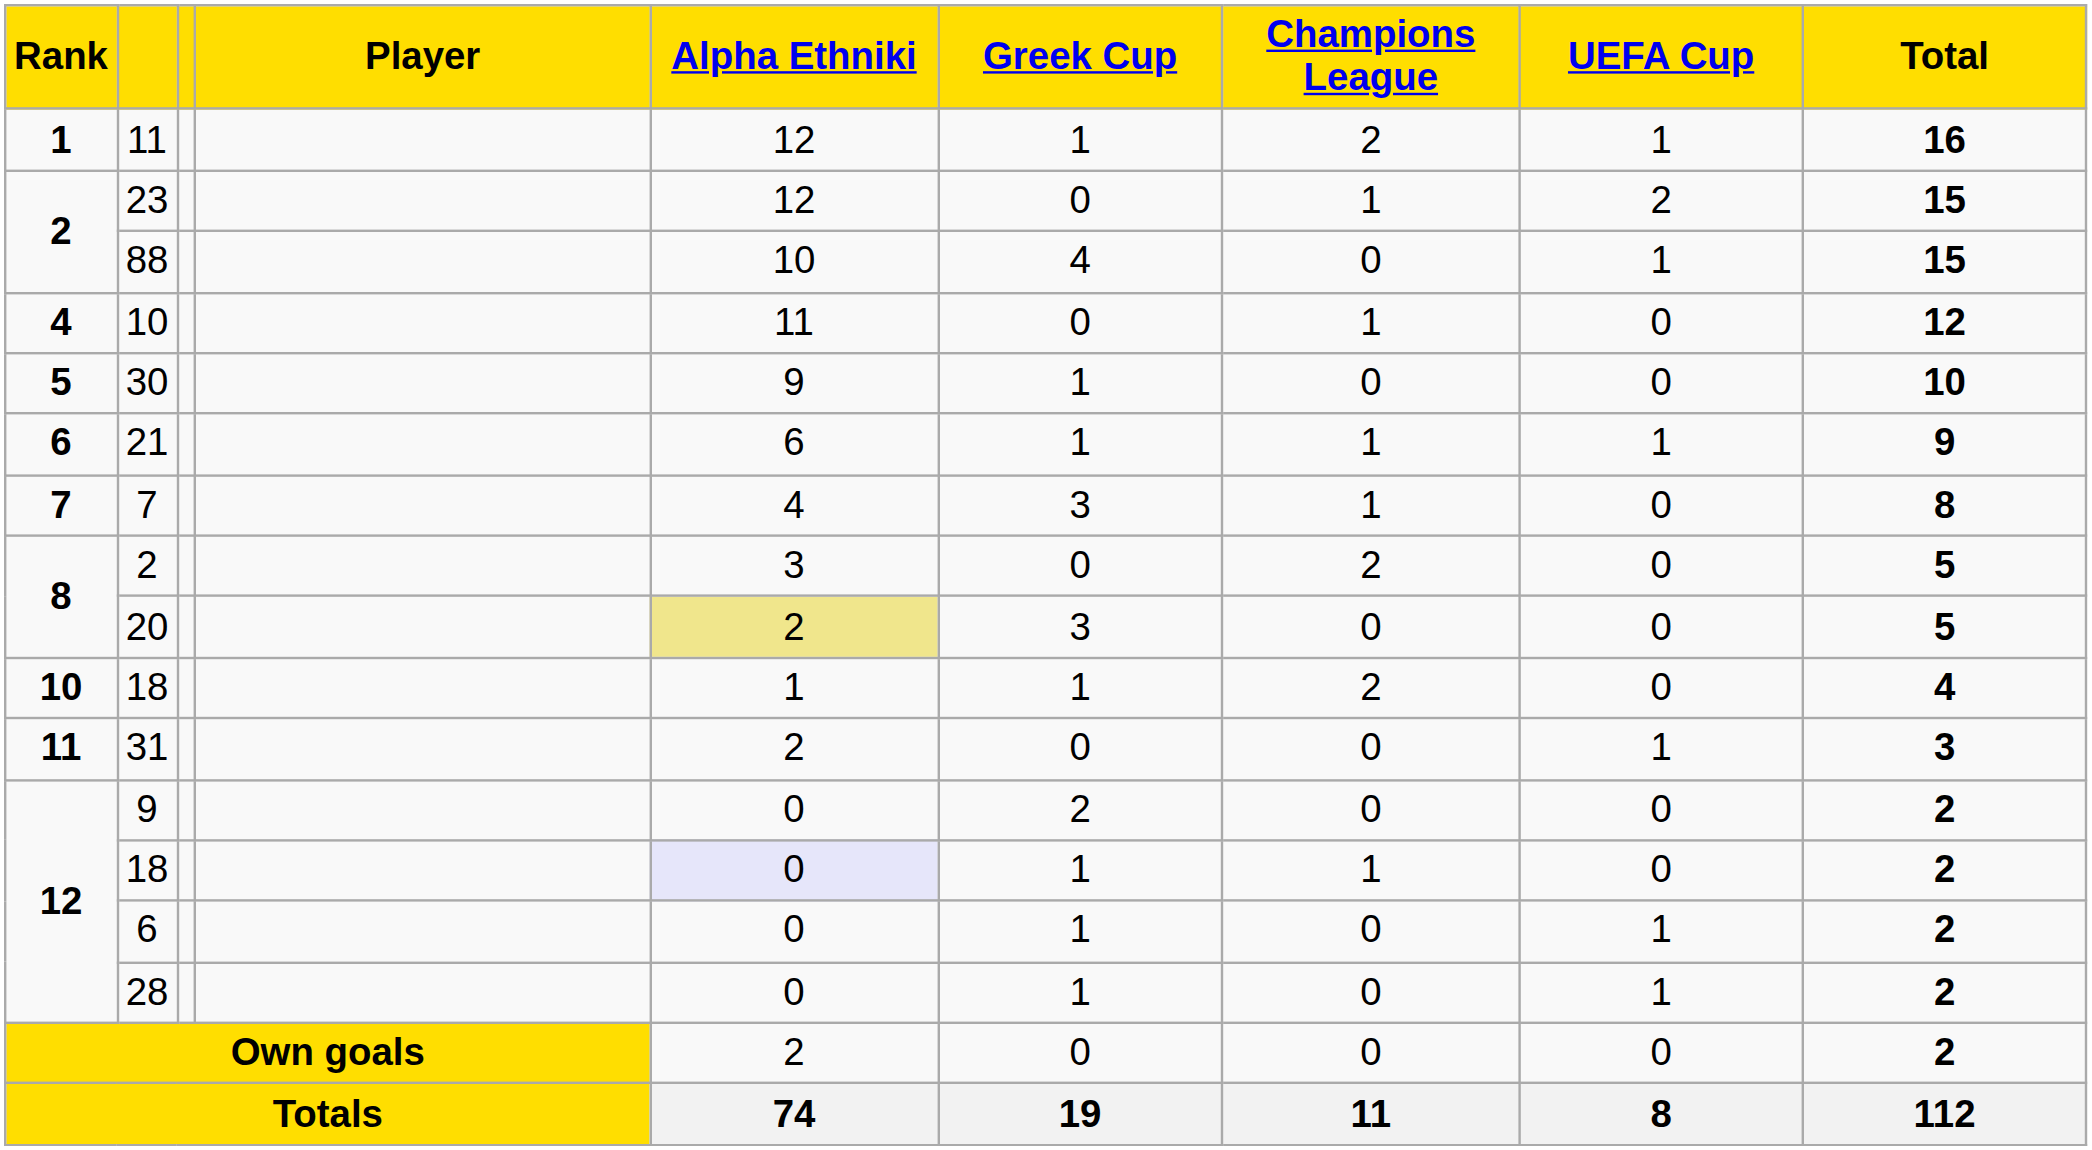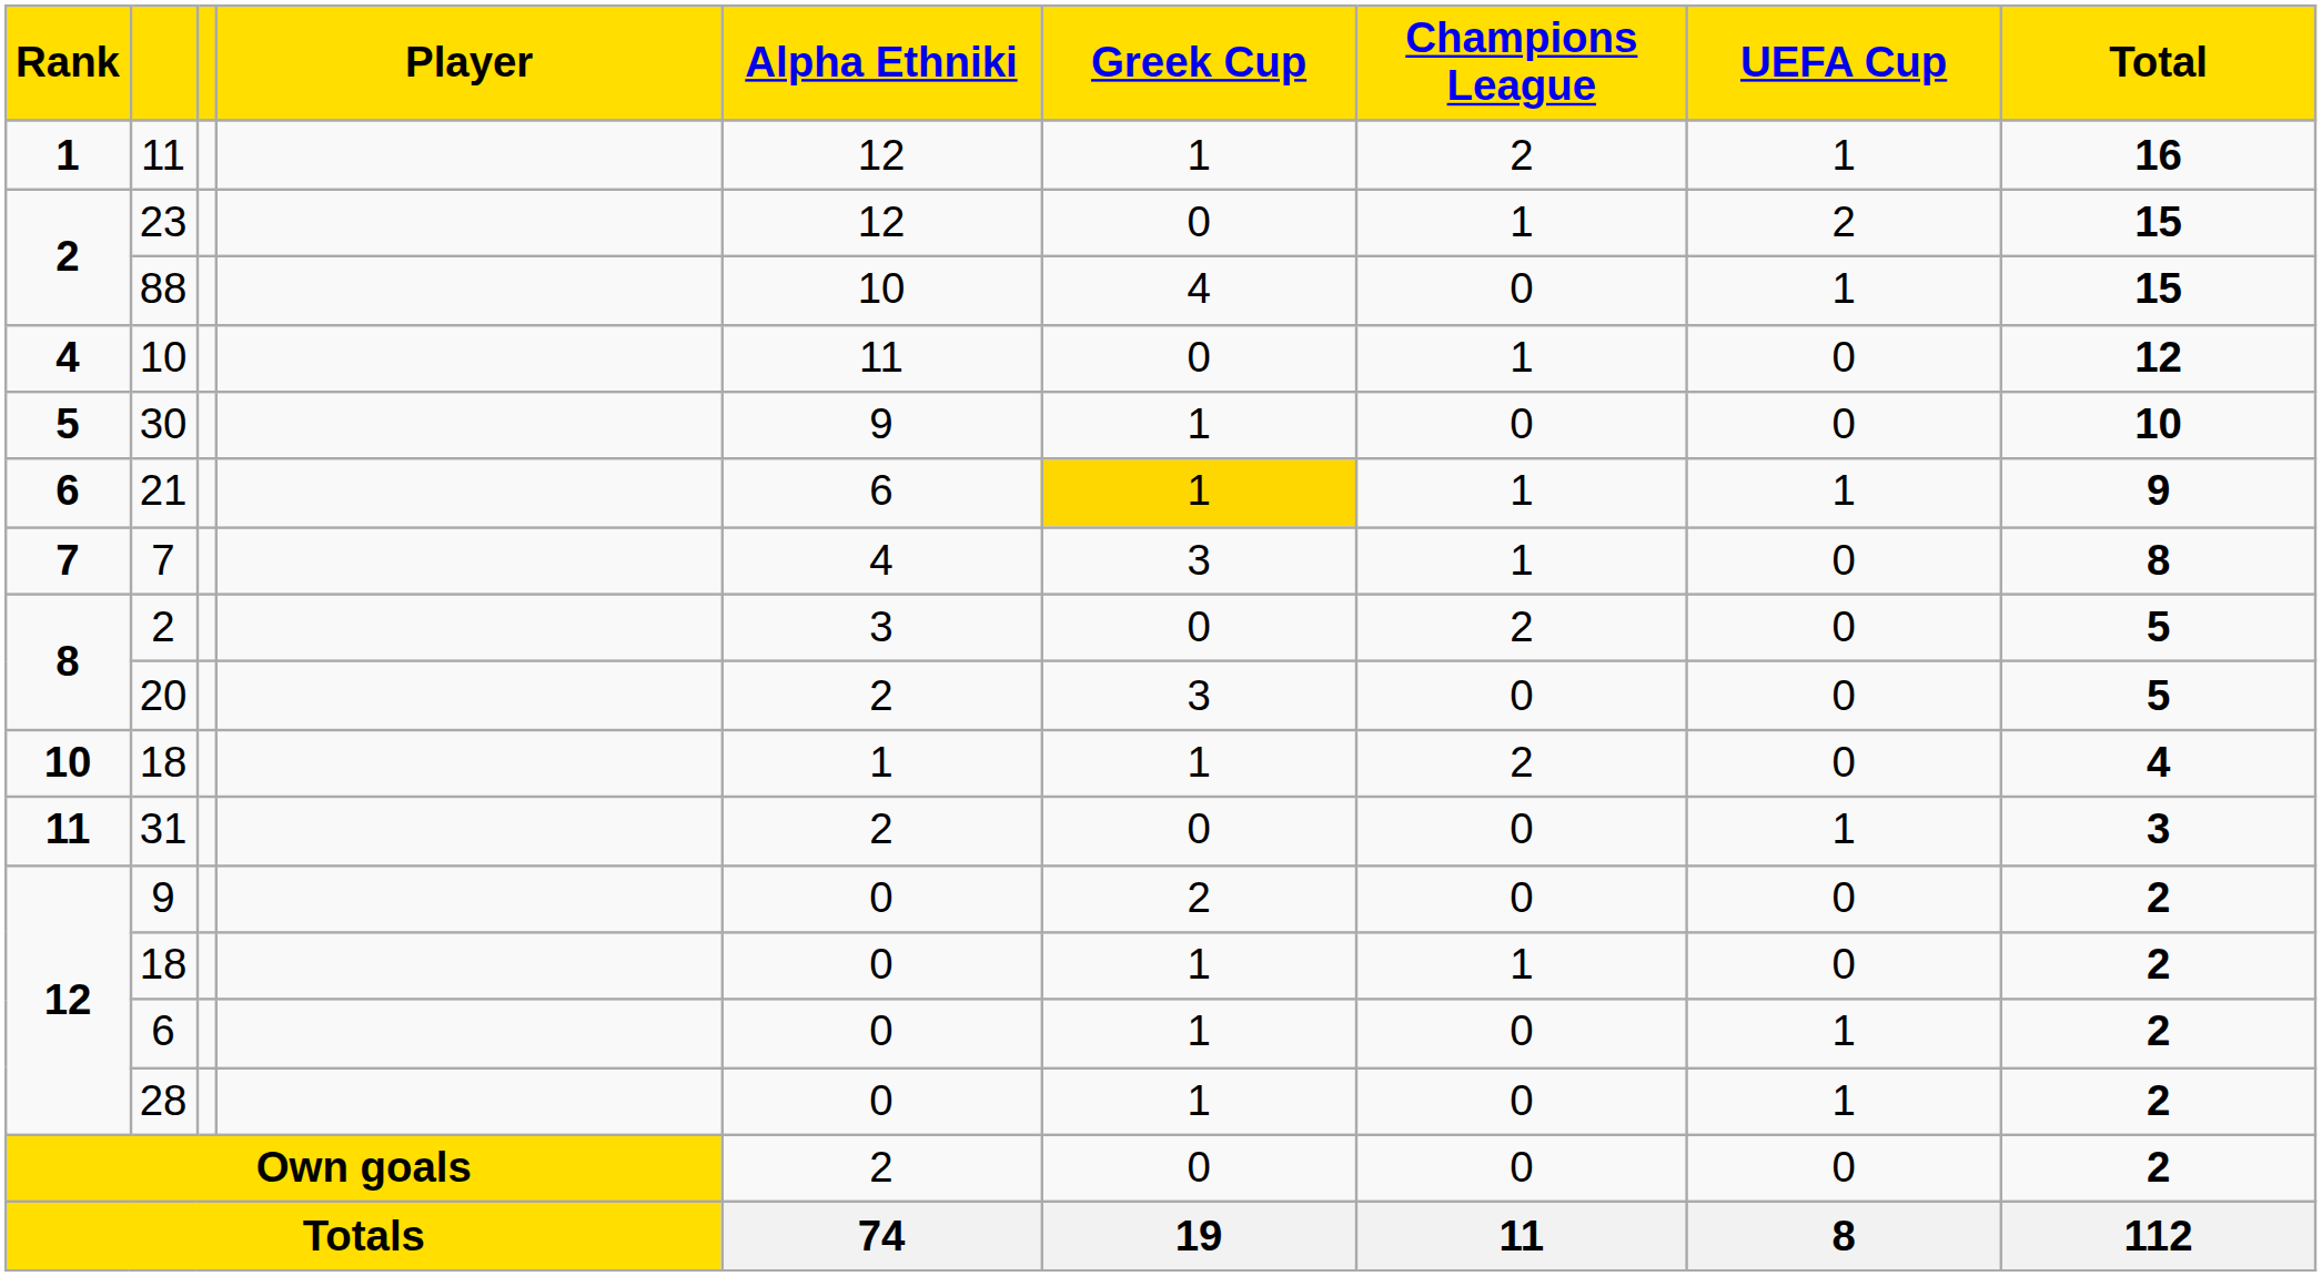 <table class="wikitable sortable" style="text-align: center">
 <tr>
 <th style="background:#FFDE00">Rank</th>
 <th style="background:#FFDE00"></th>
 <th style="background:#FFDE00"></th>
 <th width=200 style="background:#FFDE00">Player</th>
 <th width=120 style="background:#FFDE00"><a href='#'>Alpha Ethniki</a></th>
 <th width=120 style="background:#FFDE00"><a href='#'>Greek Cup</a></th>
 <th width=120 style="background:#FFDE00"><a href='#'>Champions League</a></th>
 <th width=120 style="background:#FFDE00"><a href='#'>UEFA Cup</a></th>
 <th width=120 style="background:#FFDE00">Total</th>
 </tr>
 <tr>
 <td><strong>1</strong></td>
 <td>11</td>
 <td></td>
 <td align=left></td>
 <td>12</td>
 <td>1</td>
 <td>2</td>
 <td>1</td>
 <td><strong>16</strong></td>
 </tr>
 <tr>
 <td rowspan=2><strong>2</strong></td>
 <td>23</td>
 <td></td>
 <td align=left></td>
 <td>12</td>
 <td>0</td>
 <td>1</td>
 <td>2</td>
 <td><strong>15</strong></td>
 </tr>
 <tr>
 <td>88</td>
 <td></td>
 <td align=left></td>
 <td>10</td>
 <td>4</td>
 <td>0</td>
 <td>1</td>
 <td><strong>15</strong></td>
 </tr>
 <tr>
 <td><strong>4</strong></td>
 <td>10</td>
 <td></td>
 <td align=left></td>
 <td>11</td>
 <td>0</td>
 <td>1</td>
 <td>0</td>
 <td><strong>12</strong></td>
 </tr>
 <tr>
 <td><strong>5</strong></td>
 <td>30</td>
 <td></td>
 <td align=left></td>
 <td>9</td>
 <td>1</td>
 <td>0</td>
 <td>0</td>
 <td><strong>10</strong></td>
 </tr>
 <tr>
 <td><strong>6</strong></td>
 <td>21</td>
 <td></td>
 <td align=left></td>
 <td>6</td>
-<td>1</td>
+<td style="background: gold;">1</td>
 <td>1</td>
 <td>1</td>
 <td><strong>9</strong></td>
 </tr>
 <tr>
 <td><strong>7</strong></td>
 <td>7</td>
 <td></td>
 <td align=left></td>
 <td>4</td>
 <td>3</td>
 <td>1</td>
 <td>0</td>
 <td><strong>8</strong></td>
 </tr>
 <tr>
 <td rowspan=2><strong>8</strong></td>
 <td>2</td>
 <td></td>
 <td align=left></td>
 <td>3</td>
 <td>0</td>
 <td>2</td>
 <td>0</td>
 <td><strong>5</strong></td>
 </tr>
 <tr>
 <td>20</td>
 <td></td>
 <td align=left></td>
-<td style="background: khaki;">2</td>
+<td>2</td>
 <td>3</td>
 <td>0</td>
 <td>0</td>
 <td><strong>5</strong></td>
 </tr>
 <tr>
 <td><strong>10</strong></td>
 <td>18</td>
 <td></td>
 <td align=left></td>
 <td>1</td>
 <td>1</td>
 <td>2</td>
 <td>0</td>
 <td><strong>4</strong></td>
 </tr>
 <tr>
 <td><strong>11</strong></td>
 <td>31</td>
 <td></td>
 <td align=left></td>
 <td>2</td>
 <td>0</td>
 <td>0</td>
 <td>1</td>
 <td><strong>3</strong></td>
 </tr>
 <tr>
 <td rowspan=4><strong>12</strong></td>
 <td>9</td>
 <td></td>
 <td align=left></td>
 <td>0</td>
 <td>2</td>
 <td>0</td>
 <td>0</td>
 <td><strong>2</strong></td>
 </tr>
 <tr>
 <td>18</td>
 <td></td>
 <td align=left></td>
-<td style="background: lavender;">0</td>
+<td>0</td>
 <td>1</td>
 <td>1</td>
 <td>0</td>
 <td><strong>2</strong></td>
 </tr>
 <tr>
 <td>6</td>
 <td></td>
 <td align=left></td>
 <td>0</td>
 <td>1</td>
 <td>0</td>
 <td>1</td>
 <td><strong>2</strong></td>
 </tr>
 <tr>
 <td>28</td>
 <td></td>
 <td align=left></td>
 <td>0</td>
 <td>1</td>
 <td>0</td>
 <td>1</td>
 <td><strong>2</strong></td>
 </tr>
 <tr class="sortbottom">
 <td colspan=4 style="background:#FFDE00"><strong>Own goals</strong></td>
 <td>2</td>
 <td>0</td>
 <td>0</td>
 <td>0</td>
 <td><strong>2</strong></td>
 </tr>
 <tr class="sortbottom">
 <th colspan=4 style="background:#FFDE00"><strong>Totals</strong></th>
 <th><strong> 74</strong></th>
 <th><strong> 19</strong></th>
 <th><strong> 11</strong></th>
 <th><strong>  8</strong></th>
 <th><strong>112</strong></th>
 </tr>
 </table>
